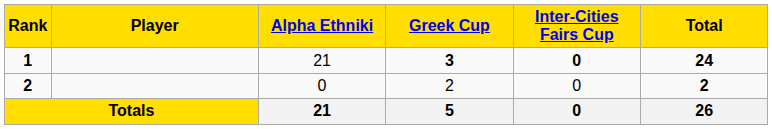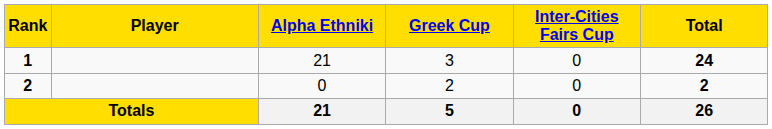 <table class="wikitable sortable" style="text-align:center">
 <tr>
 <th style="background:#FFDE00">Rank</th>
 <th width=200 style="background:#FFDE00">Player</th>
 <th width=120 style="background:#FFDE00"><a href='#'>Alpha Ethniki</a></th>
 <th width=120 style="background:#FFDE00"><a href='#'>Greek Cup</a></th>
 <th width=120 style="background:#FFDE00"><a href='#'>Inter-Cities Fairs Cup</a></th>
 <th width=120 style="background:#FFDE00">Total</th>
 </tr>
 <tr>
 <td><strong>1</strong></td>
 <td align=left></td>
 <td>21</td>
-<td><strong>3</strong></td>
-<td><strong>0</strong></td>
+<td>3</td>
+<td>0</td>
 <td><strong>24</strong></td>
 </tr>
 <tr>
 <td><strong>2</strong></td>
 <td align=left></td>
 <td>0</td>
 <td>2</td>
 <td>0</td>
 <td><strong>2</strong></td>
 </tr>
 <tr class="sortbottom">
 <th colspan=2 style="background:#FFDE00"><strong>Totals</strong></th>
 <th><strong>21</strong></th>
 <th><strong> 5</strong></th>
 <th><strong> 0</strong></th>
 <th><strong>26</strong></th>
 </tr>
 </table>
